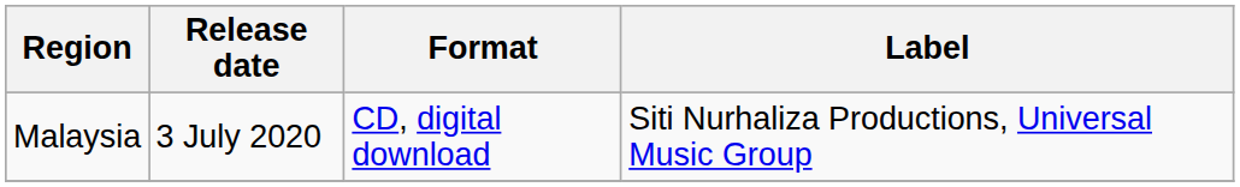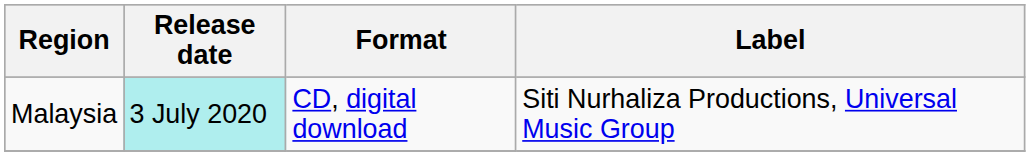 <table class="wikitable">
 <tr>
 <th>Region</th>
 <th>Release date</th>
 <th>Format</th>
 <th>Label</th>
 </tr>
 <tr>
 <td>Malaysia</td>
-<td>3 July 2020</td>
+<td style="background: paleturquoise;">3 July 2020</td>
 <td><a href='#'>CD</a>, <a href='#'>digital download</a></td>
 <td>Siti Nurhaliza Productions, <a href='#'>Universal Music Group</a></td>
 </tr>
 <tr>
 </tr>
 </table>
